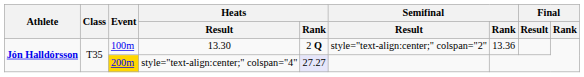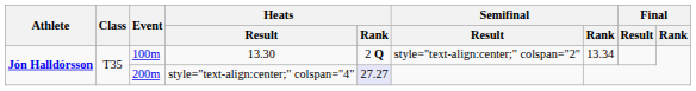 <table class=wikitable style="font-size:90%">
 <tr>
 <th rowspan="2">Athlete</th>
 <th rowspan="2">Class</th>
 <th rowspan="2">Event</th>
 <th colspan="2">Heats</th>
 <th colspan="2">Semifinal</th>
 <th colspan="2">Final</th>
 </tr>
 <tr>
 <th>Result</th>
 <th>Rank</th>
 <th>Result</th>
 <th>Rank</th>
 <th>Result</th>
 <th>Rank</th>
 </tr>
 <tr>
 <td rowspan="2"><strong><a href='#'>Jón Halldórsson</a></strong></td>
 <td rowspan="2" style="text-align:center;">T35</td>
 <td><a href='#'>100m</a></td>
 <td style="text-align:center;">13.30</td>
 <td style="text-align:center;">2 <strong>Q</strong></td>
 <td>style="text-align:center;" colspan="2" </td>
-<td style="text-align:center;">13.36</td>
+<td style="text-align:center;">13.34</td>
 <td style="text-align:center;"></td>
 </tr>
 <tr>
-<td style="background: gold;"><a href='#'>200m</a></td>
+<td><a href='#'>200m</a></td>
 <td>style="text-align:center;" colspan="4" </td>
 <td style="background: lavender; text-align:center;">27.27</td>
 <td style="text-align:center;"></td>
 </tr>
 </table>
